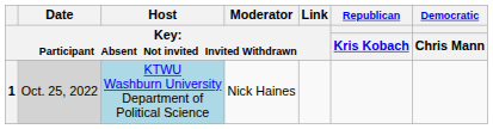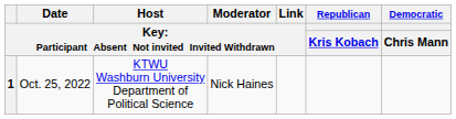 <table class="wikitable" style="text-align:center;">
 <tr>
 <th scope="col"></th>
 <th scope="col">Date</th>
 <th scope="col">Host</th>
 <th scope="col">Moderator</th>
 <th scope="col">Link</th>
 <th scope="col"><small><a href='#'>Republican</a></small></th>
 <th scope="col"><small><a href='#'>Democratic</a></small></th>
 </tr>
 <tr>
 <th colspan="5" rowspan="2">Key:<br> <small>Participant </small>  <small>Absent </small>  <small>Not invited </small>  <small>Invited  Withdrawn</small></th>
 <th scope="col" style="background:"></th>
 <th scope="col" style="background:"></th>
 </tr>
 <tr>
 <th scope="col"><a href='#'>Kris Kobach</a></th>
 <th scope="col">Chris Mann</th>
 </tr>
 <tr>
 <th>1</th>
-<td style="background: lightgrey; white-space:nowrap;">Oct. 25, 2022</td>
-<td style="background: lightblue; white-space:nowrap;"><a href='#'>KTWU</a><br><a href='#'>Washburn University</a><br>Department of<br>Political Science</td>
+<td style="white-space:nowrap;">Oct. 25, 2022</td>
+<td style="white-space:nowrap;"><a href='#'>KTWU</a><br><a href='#'>Washburn University</a><br>Department of<br>Political Science</td>
 <td style="white-space:nowrap;">Nick Haines</td>
 <td style="white-space:nowrap;"></td>
 <td></td>
 <td></td>
 </tr>
 </table>
